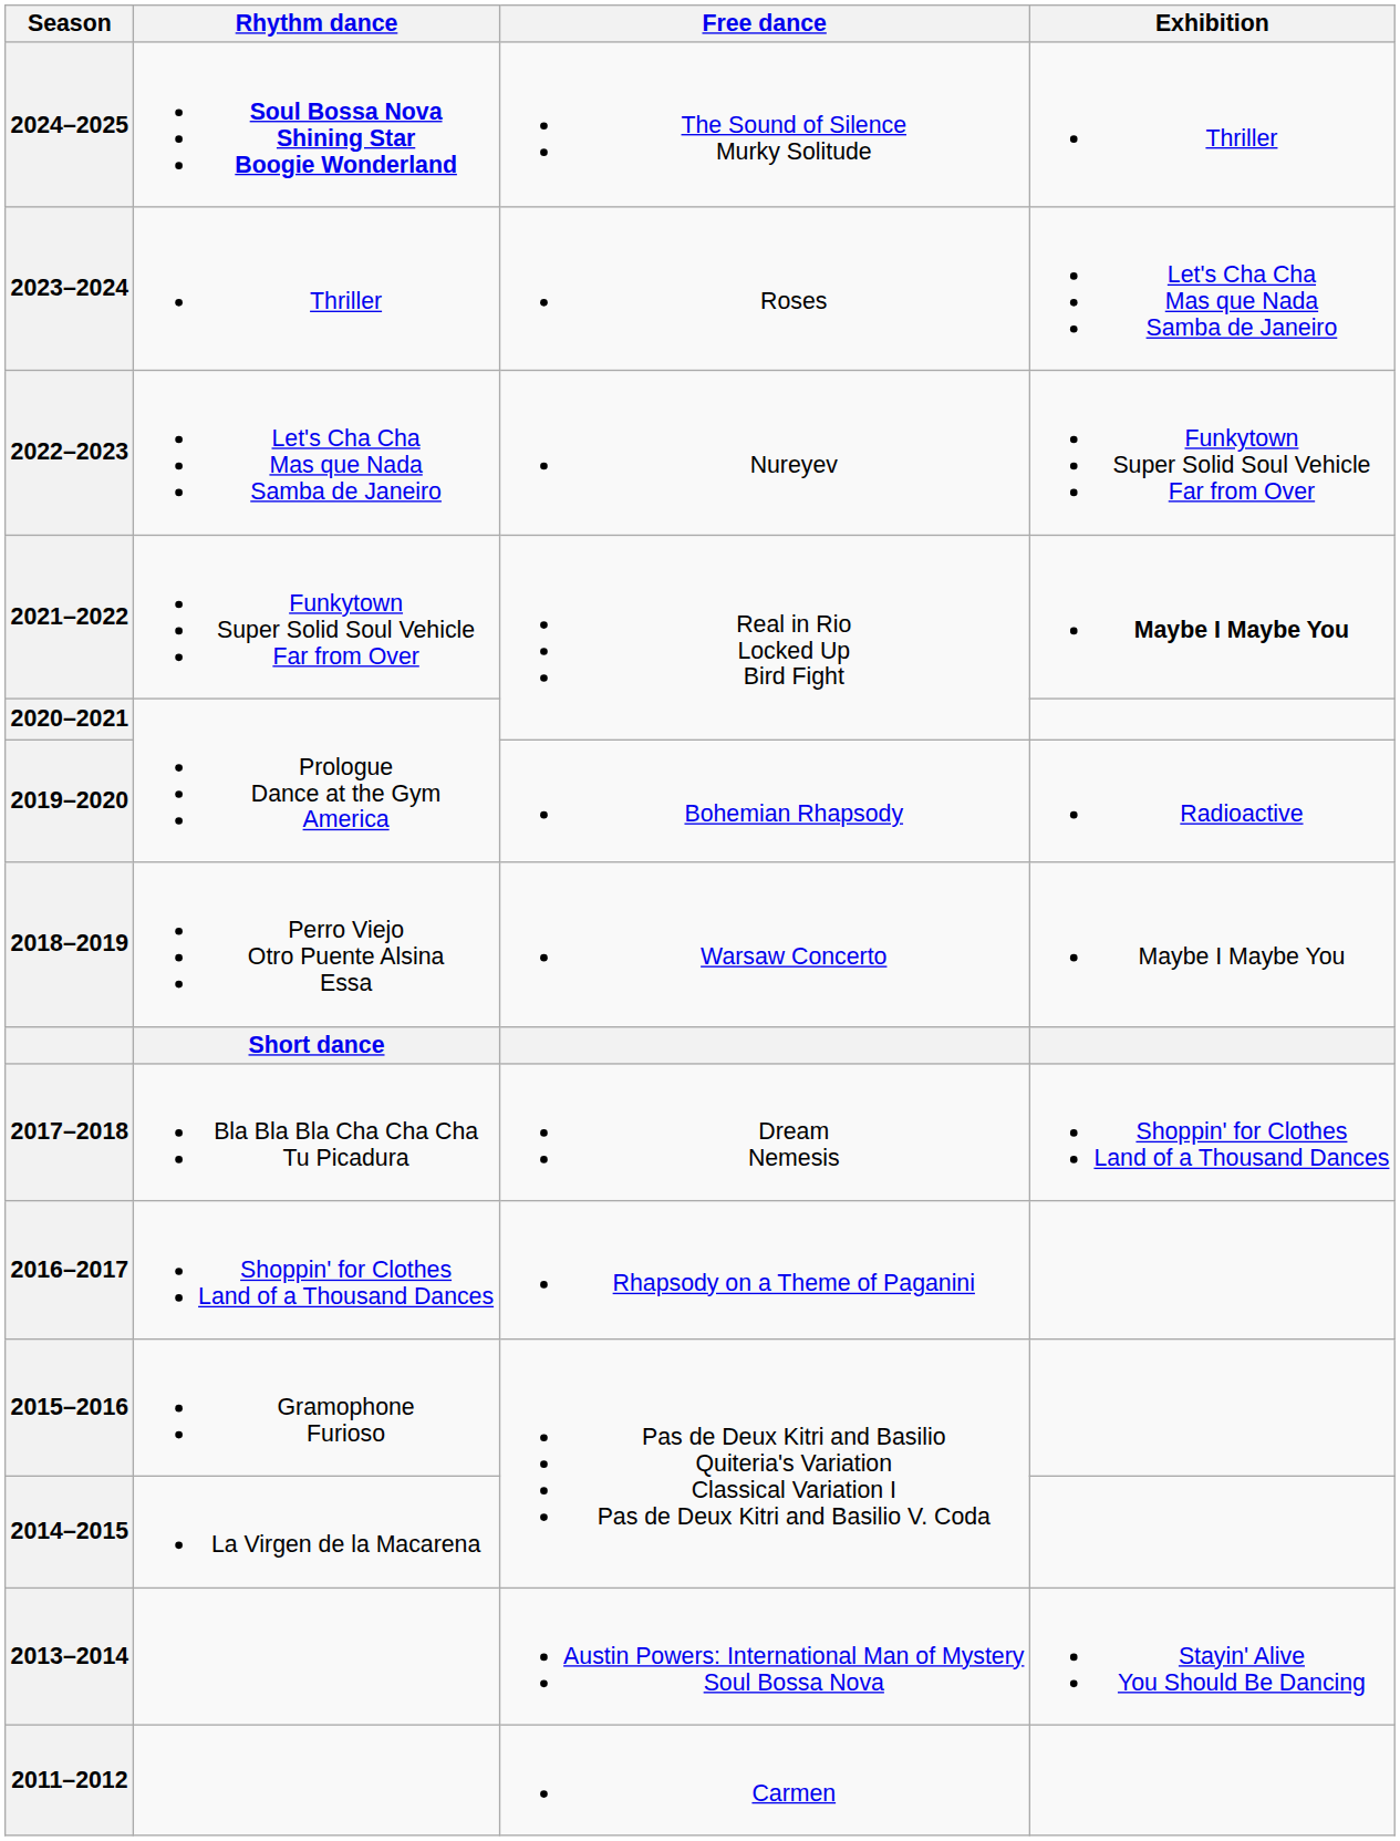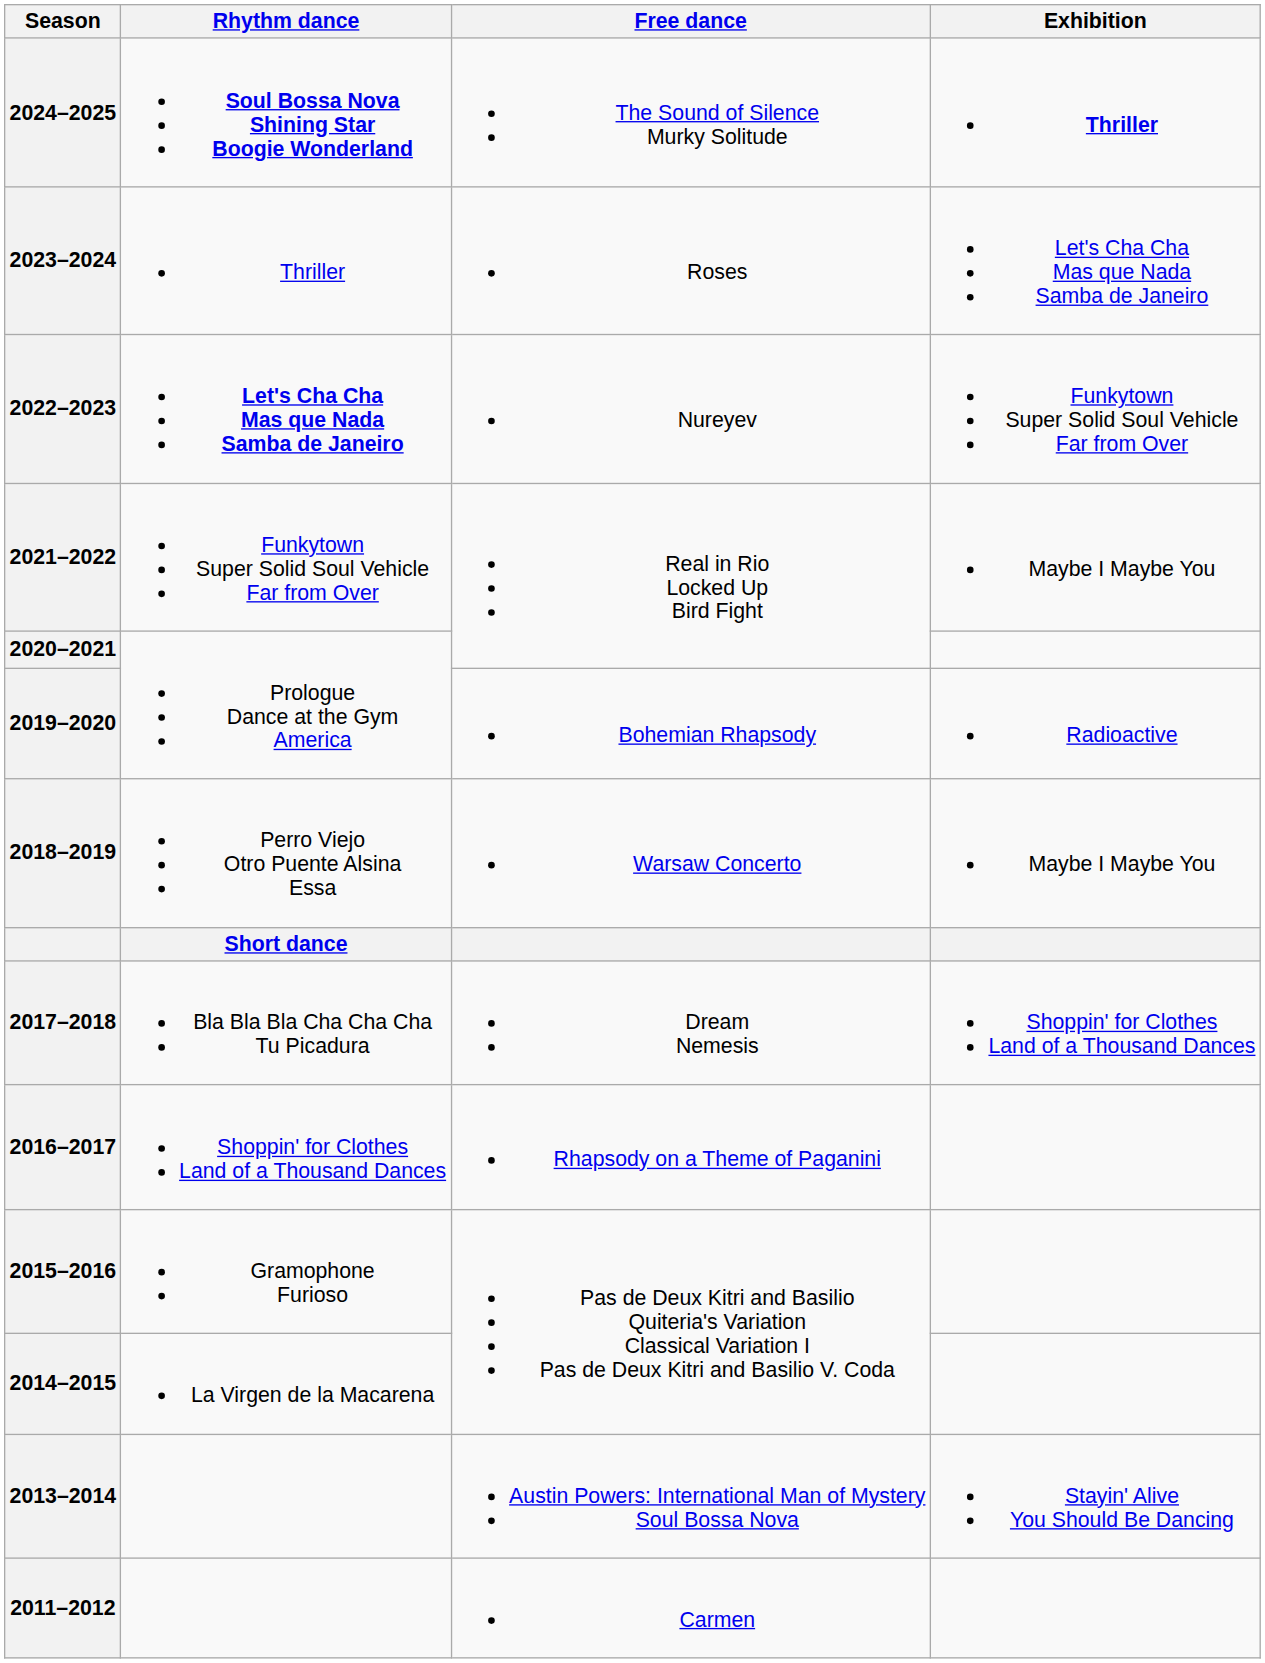 <table class=wikitable style=text-align:center>
 <tr>
 <th>Season</th>
 <th><a href='#'>Rhythm dance</a></th>
 <th><a href='#'>Free dance</a></th>
 <th>Exhibition</th>
 </tr>
 <tr>
 <th>2024–2025 <br> </th>
 <td><strong><br><ul><li><a href='#'>Soul Bossa Nova</a> <br> </li><li><a href='#'>Shining Star</a> <br> </li><li><a href='#'>Boogie Wonderland</a> <br> </li></ul></strong></td>
 <td><br><ul><li><a href='#'>The Sound of Silence</a> <br> </li><li>Murky Solitude <br> </li></ul></td>
-<td><br><ul><li><a href='#'>Thriller</a> <br></li></ul></td>
+<td><strong><br><ul><li><a href='#'>Thriller</a> <br></li></ul></strong></td>
 </tr>
 <tr>
 <th>2023–2024 <br></th>
 <td><br><ul><li><a href='#'>Thriller</a> <br></li></ul></td>
 <td><br><ul><li>Roses <br> </li></ul></td>
 <td><br><ul><li><a href='#'>Let's Cha Cha</a> <br> </li><li><a href='#'>Mas que Nada</a> <br> </li><li><a href='#'>Samba de Janeiro</a> <br></li></ul></td>
 </tr>
 <tr>
 <th>2022–2023 <br></th>
-<td><br><ul><li> <a href='#'>Let's Cha Cha</a> <br> </li><li> <a href='#'>Mas que Nada</a> <br> </li><li> <a href='#'>Samba de Janeiro</a> <br></li></ul></td>
+<td><strong><br><ul><li> <a href='#'>Let's Cha Cha</a> <br> </li><li> <a href='#'>Mas que Nada</a> <br> </li><li> <a href='#'>Samba de Janeiro</a> <br></li></ul></strong></td>
 <td><br><ul><li>Nureyev <br> </li></ul></td>
 <td><br><ul><li><a href='#'>Funkytown</a> <br> </li><li>Super Solid Soul Vehicle <br> </li><li><a href='#'>Far from Over</a> <br></li></ul></td>
 </tr>
 <tr>
 <th>2021–2022 <br></th>
 <td><br><ul><li> <a href='#'>Funkytown</a> <br> </li><li> Super Solid Soul Vehicle <br> </li><li> <a href='#'>Far from Over</a> <br></li></ul></td>
 <td rowspan=2><br><ul><li>Real in Rio</li><li>Locked Up</li><li>Bird Fight <br> </li></ul></td>
-<td><strong><br><ul><li>Maybe I Maybe You <br></li></ul></strong></td>
+<td><br><ul><li>Maybe I Maybe You <br></li></ul></td>
 </tr>
 <tr>
 <th>2020–2021 <br></th>
 <td rowspan=2><br><ul><li> Prologue</li><li> Dance at the Gym</li><li> <a href='#'>America</a> <br></li></ul></td>
 <td></td>
 </tr>
 <tr>
 <th>2019–2020 <br></th>
 <td><br><ul><li><a href='#'>Bohemian Rhapsody</a> <br> </li></ul></td>
 <td><br><ul><li><a href='#'>Radioactive</a> <br></li></ul></td>
 </tr>
 <tr>
 <th>2018–2019 <br></th>
 <td><br><ul><li> Perro Viejo</li><li> Otro Puente Alsina</li><li> Essa <br></li></ul></td>
 <td><br><ul><li><a href='#'>Warsaw Concerto</a> <br></li></ul></td>
 <td><br><ul><li>Maybe I Maybe You <br></li></ul></td>
 </tr>
 <tr>
 <th></th>
 <th><a href='#'>Short dance</a></th>
 <th></th>
 <th></th>
 </tr>
 <tr>
 <th>2017–2018 <br></th>
 <td><br><ul><li> Bla Bla Bla Cha Cha Cha <br></li><li> Tu Picadura <br></li></ul></td>
 <td><br><ul><li>Dream <br></li><li>Nemesis <br></li></ul></td>
 <td><br><ul><li> <a href='#'>Shoppin' for Clothes</a> <br></li><li> <a href='#'>Land of a Thousand Dances</a> <br></li></ul></td>
 </tr>
 <tr>
 <th>2016–2017 <br></th>
 <td><br><ul><li> <a href='#'>Shoppin' for Clothes</a> <br></li><li> <a href='#'>Land of a Thousand Dances</a> <br></li></ul></td>
 <td><br><ul><li><a href='#'>Rhapsody on a Theme of Paganini</a> <br></li></ul></td>
 <td></td>
 </tr>
 <tr>
 <th>2015–2016 <br></th>
 <td><br><ul><li> Gramophone <br></li><li> Furioso <br></li></ul></td>
 <td rowspan=2><br><ul><li>Pas de Deux Kitri and Basilio</li><li>Quiteria's Variation</li><li>Classical Variation I</li><li>Pas de Deux Kitri and Basilio V. Coda <br></li></ul></td>
 <td></td>
 </tr>
 <tr>
 <th>2014–2015 <br></th>
 <td><br><ul><li>La Virgen de la Macarena <br></li></ul></td>
 <td></td>
 </tr>
 <tr>
 <th>2013–2014 <br></th>
 <td></td>
 <td><br><ul><li><a href='#'>Austin Powers: International Man of Mystery</a> <br></li><li><a href='#'>Soul Bossa Nova</a> <br> </li></ul></td>
 <td><br><ul><li><a href='#'>Stayin' Alive</a></li><li><a href='#'>You Should Be Dancing</a> <br></li></ul></td>
 </tr>
 <tr>
 <th>2011–2012</th>
 <td></td>
 <td><br><ul><li><a href='#'>Carmen</a> <br></li></ul></td>
 <td></td>
 </tr>
 </table>
